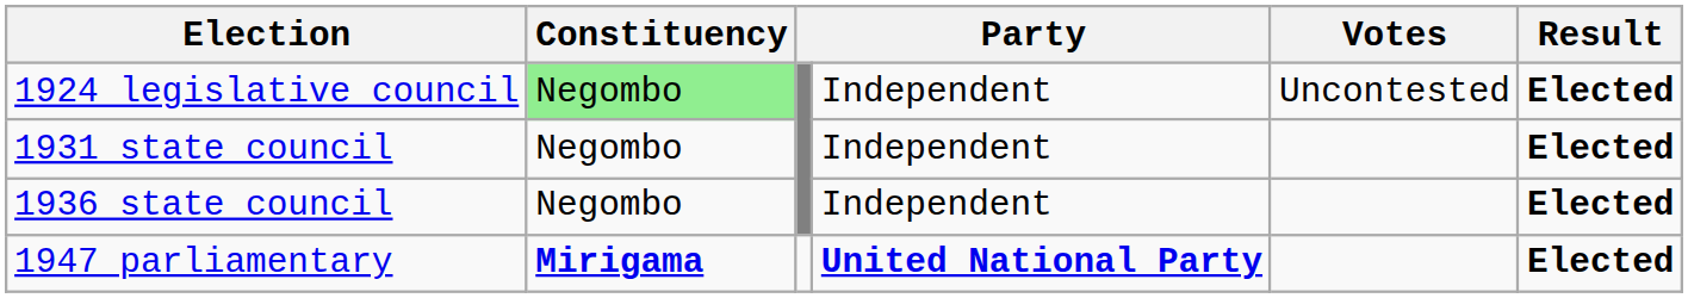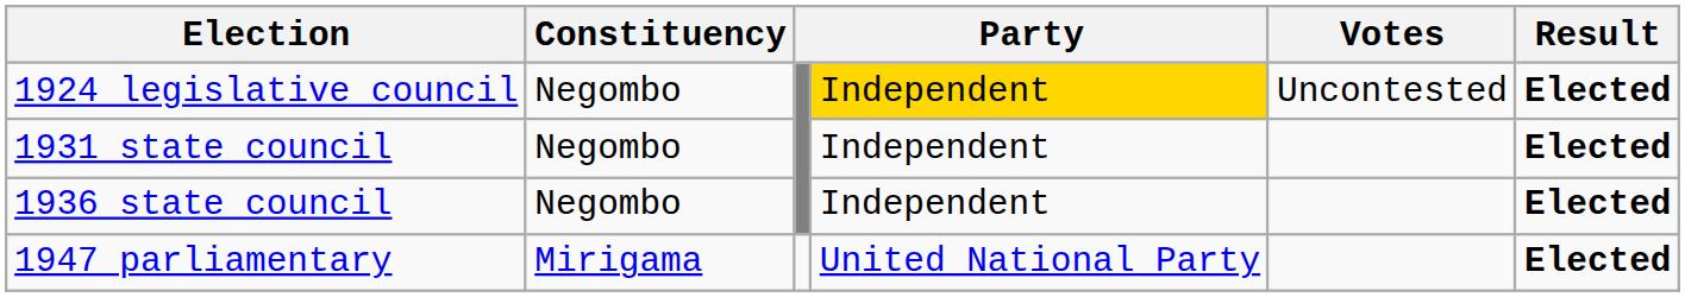 <table class="wikitable" style="text-align:left;">
 <tr>
 <th scope=col>Election</th>
 <th scope=col>Constituency</th>
 <th scope=col colspan="2">Party</th>
 <th scope=col>Votes</th>
 <th scope=col>Result</th>
 </tr>
 <tr>
 <td><a href='#'>1924 legislative council</a></td>
-<td style="background: lightgreen;">Negombo</td>
+<td>Negombo</td>
 <td rowspan ="3" style="background:Gray;"></td>
-<td>Independent</td>
+<td style="background: gold;">Independent</td>
 <td>Uncontested</td>
 <td><strong>Elected</strong></td>
 </tr>
 <tr>
 <td><a href='#'>1931 state council</a></td>
 <td>Negombo</td>
 <td>Independent</td>
 <td></td>
 <td><strong>Elected</strong></td>
 </tr>
 <tr>
 <td><a href='#'>1936 state council</a></td>
 <td>Negombo</td>
 <td>Independent</td>
 <td></td>
 <td><strong>Elected</strong></td>
 </tr>
 <tr>
 <td><a href='#'>1947 parliamentary</a></td>
-<td><strong><a href='#'>Mirigama</a></strong></td>
+<td><a href='#'>Mirigama</a></td>
 <td rowspan="6" style="background:"></td>
-<td><strong><a href='#'>United National Party</a></strong></td>
+<td><a href='#'>United National Party</a></td>
 <td align=right></td>
 <td><strong>Elected</strong></td>
 </tr>
 </table>
